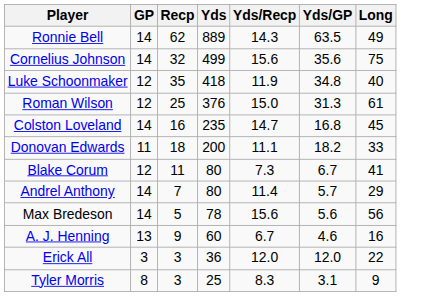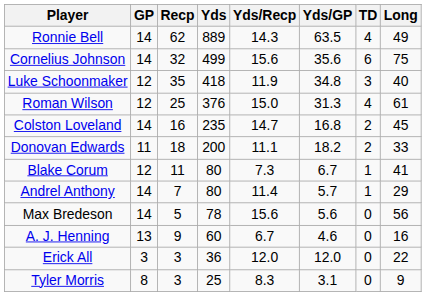 <table class="wikitable sortable sortable" style="text-align: center">
 <tr align=center>
 <th>Player</th>
 <th>GP</th>
 <th>Recp</th>
 <th>Yds</th>
 <th>Yds/Recp</th>
 <th>Yds/GP</th>
+<th>TD</th>
 <th>Long</th>
 </tr>
 <tr>
 <td><a href='#'>Ronnie Bell</a></td>
 <td>14</td>
 <td>62</td>
 <td>889</td>
 <td>14.3</td>
 <td>63.5</td>
+<td>4</td>
 <td>49</td>
 </tr>
 <tr>
 <td><a href='#'>Cornelius Johnson</a></td>
 <td>14</td>
 <td>32</td>
 <td>499</td>
 <td>15.6</td>
 <td>35.6</td>
+<td>6</td>
 <td>75</td>
 </tr>
 <tr>
 <td><a href='#'>Luke Schoonmaker</a></td>
 <td>12</td>
 <td>35</td>
 <td>418</td>
 <td>11.9</td>
 <td>34.8</td>
+<td>3</td>
 <td>40</td>
 </tr>
 <tr>
 <td><a href='#'>Roman Wilson</a></td>
 <td>12</td>
 <td>25</td>
 <td>376</td>
 <td>15.0</td>
 <td>31.3</td>
+<td>4</td>
 <td>61</td>
 </tr>
 <tr>
 <td><a href='#'>Colston Loveland</a></td>
 <td>14</td>
 <td>16</td>
 <td>235</td>
 <td>14.7</td>
 <td>16.8</td>
+<td>2</td>
 <td>45</td>
 </tr>
 <tr>
 <td><a href='#'>Donovan Edwards</a></td>
 <td>11</td>
 <td>18</td>
 <td>200</td>
 <td>11.1</td>
 <td>18.2</td>
+<td>2</td>
 <td>33</td>
 </tr>
 <tr>
 <td><a href='#'>Blake Corum</a></td>
 <td>12</td>
 <td>11</td>
 <td>80</td>
 <td>7.3</td>
 <td>6.7</td>
+<td>1</td>
 <td>41</td>
 </tr>
 <tr>
 <td><a href='#'>Andrel Anthony</a></td>
 <td>14</td>
 <td>7</td>
 <td>80</td>
 <td>11.4</td>
 <td>5.7</td>
+<td>1</td>
 <td>29</td>
 </tr>
 <tr>
 <td>Max Bredeson</td>
 <td>14</td>
 <td>5</td>
 <td>78</td>
 <td>15.6</td>
 <td>5.6</td>
+<td>0</td>
 <td>56</td>
 </tr>
 <tr>
 <td><a href='#'>A. J. Henning</a></td>
 <td>13</td>
 <td>9</td>
 <td>60</td>
 <td>6.7</td>
 <td>4.6</td>
+<td>0</td>
 <td>16</td>
 </tr>
 <tr>
 <td><a href='#'>Erick All</a></td>
 <td>3</td>
 <td>3</td>
 <td>36</td>
 <td>12.0</td>
 <td>12.0</td>
+<td>0</td>
 <td>22</td>
 </tr>
 <tr>
 <td><a href='#'>Tyler Morris</a></td>
 <td>8</td>
 <td>3</td>
 <td>25</td>
 <td>8.3</td>
 <td>3.1</td>
+<td>0</td>
 <td>9</td>
 </tr>
 </table>
